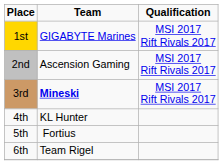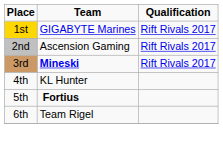 <table class="wikitable" style="text-align:left">
 <tr>
 <td style="text-align:center"><strong>Place</strong></td>
 <td style="text-align:center"><strong>Team</strong></td>
 <td style="text-align:center"><strong>Qualification</strong></td>
 </tr>
 <tr>
 <td style="text-align:center; background:gold;">1st </td>
 <td> <a href='#'>GIGABYTE Marines</a></td>
-<td style="text-align:center"><a href='#'>MSI 2017</a> <br> <a href='#'>Rift Rivals 2017</a></td>
+<td style="text-align:center"><a href='#'>Rift Rivals 2017</a></td>
 </tr>
 <tr>
 <td style="text-align:center; background:silver;">2nd</td>
 <td> Ascension Gaming</td>
-<td style="text-align:center"><a href='#'>MSI 2017</a> <br> <a href='#'>Rift Rivals 2017</a></td>
+<td style="text-align:center"><a href='#'>Rift Rivals 2017</a></td>
 </tr>
 <tr>
 <td style="text-align:center; background:#c96;">3rd</td>
 <td><strong> <a href='#'>Mineski</a></strong></td>
-<td style="text-align:center"><a href='#'>MSI 2017</a> <br> <a href='#'>Rift Rivals 2017</a></td>
+<td style="text-align:center"><a href='#'>Rift Rivals 2017</a></td>
 </tr>
 <tr>
 <td style="text-align:center">4th</td>
 <td> KL Hunter</td>
 <td style="text-align:center"></td>
 </tr>
 <tr>
 <td style="text-align:center">5th</td>
-<td>⁠ Fortius</td>
+<td><strong>⁠ Fortius</strong></td>
 <td style="text-align:center"></td>
 </tr>
 <tr>
 <td style="text-align:center">6th</td>
 <td> ⁠Team Rigel</td>
 <td style="text-align:center"></td>
 </tr>
 <tr>
 </tr>
 </table>
